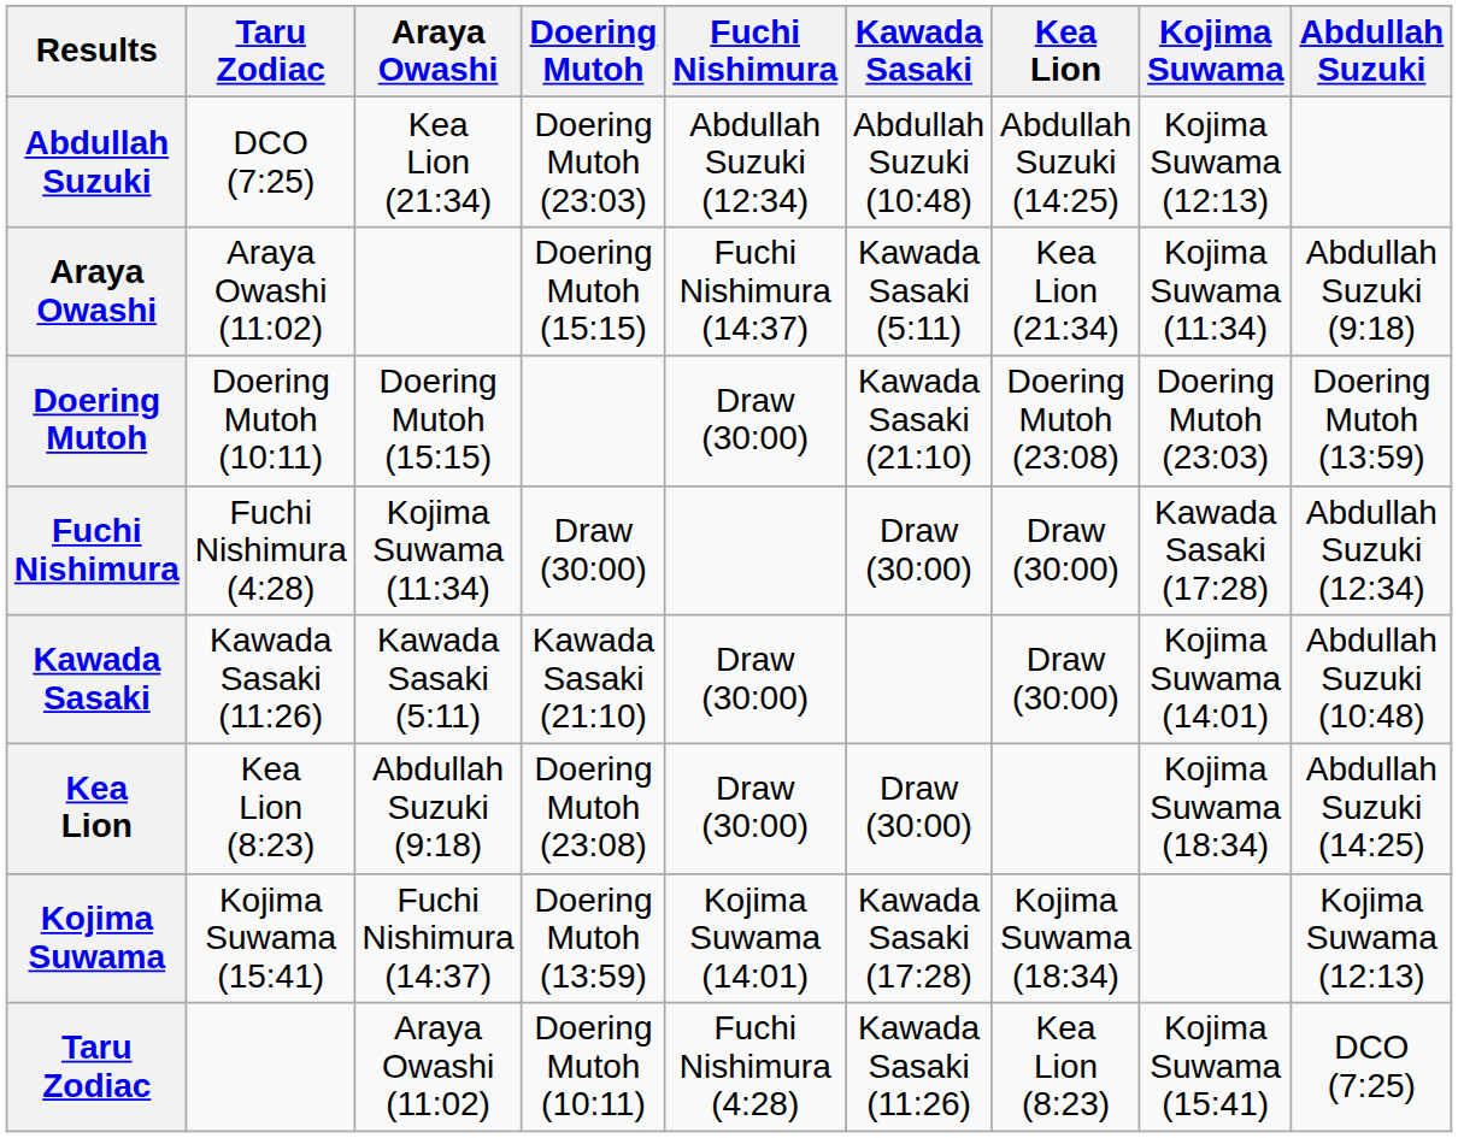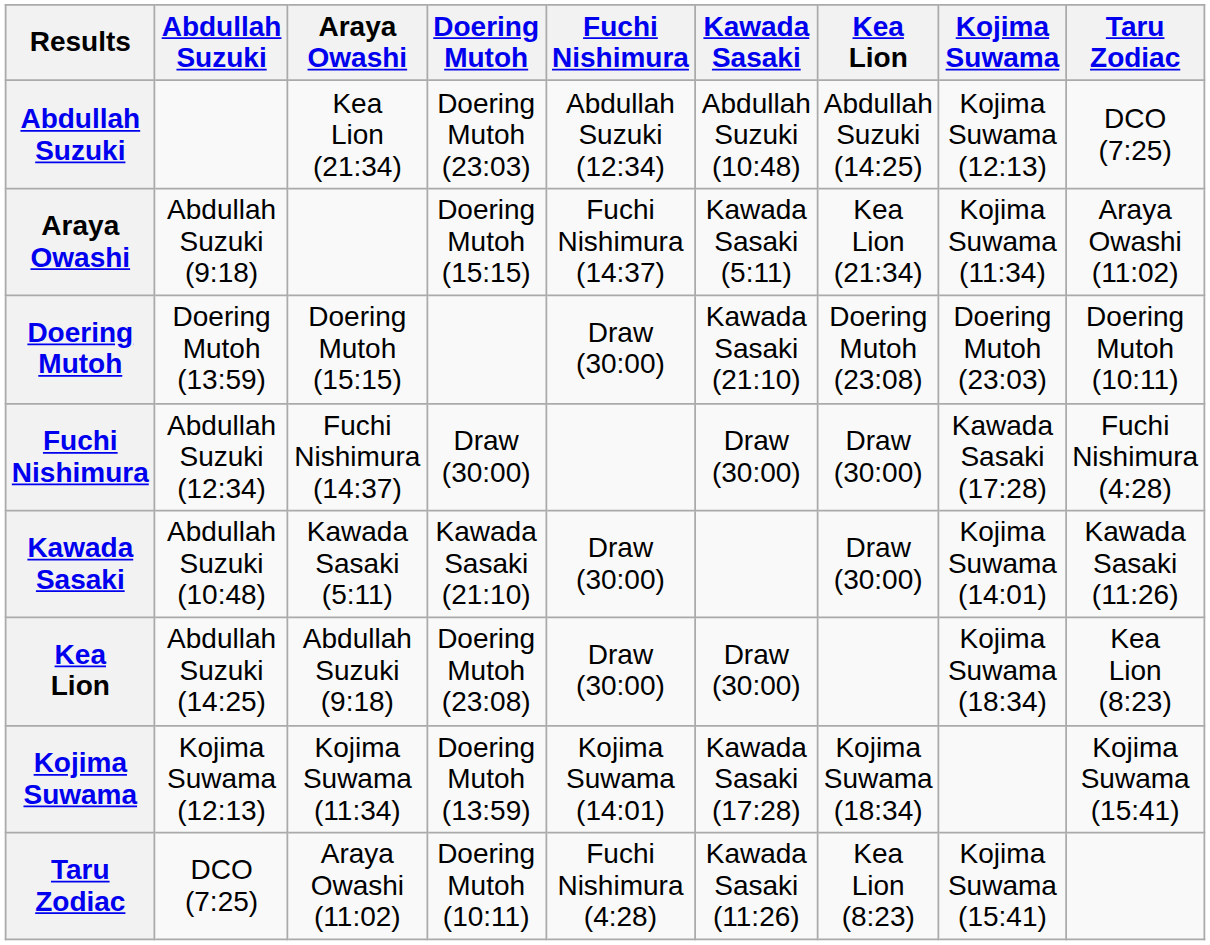 <table class="wikitable" style="text-align:center; margin: 1em auto 1em auto">
 <tr>
 <th>Results</th>
-<th><a href='#'>Taru</a><br><a href='#'>Zodiac</a></th>
+<th><a href='#'>Abdullah</a><br><a href='#'>Suzuki</a></th>
 <th>Araya<br><a href='#'>Owashi</a></th>
 <th><a href='#'>Doering</a><br><a href='#'>Mutoh</a></th>
 <th><a href='#'>Fuchi</a><br><a href='#'>Nishimura</a></th>
 <th><a href='#'>Kawada</a><br><a href='#'>Sasaki</a></th>
 <th><a href='#'>Kea</a><br>Lion</th>
 <th><a href='#'>Kojima</a><br><a href='#'>Suwama</a></th>
-<th><a href='#'>Abdullah</a><br><a href='#'>Suzuki</a></th>
+<th><a href='#'>Taru</a><br><a href='#'>Zodiac</a></th>
 </tr>
 <tr>
 <th><a href='#'>Abdullah</a><br><a href='#'>Suzuki</a></th>
-<td>DCO<br>(7:25)</td>
+<td></td>
 <td>Kea<br>Lion<br>(21:34)</td>
 <td>Doering<br>Mutoh<br>(23:03)</td>
 <td>Abdullah<br>Suzuki<br>(12:34)</td>
 <td>Abdullah<br>Suzuki<br>(10:48)</td>
 <td>Abdullah<br>Suzuki<br>(14:25)</td>
 <td>Kojima<br>Suwama<br>(12:13)</td>
-<td></td>
+<td>DCO<br>(7:25)</td>
 </tr>
 <tr>
 <th>Araya<br><a href='#'>Owashi</a></th>
-<td>Araya<br>Owashi<br>(11:02)</td>
+<td>Abdullah<br>Suzuki<br>(9:18)</td>
 <td></td>
 <td>Doering<br>Mutoh<br>(15:15)</td>
 <td>Fuchi<br>Nishimura<br>(14:37)</td>
 <td>Kawada<br>Sasaki<br>(5:11)</td>
 <td>Kea<br>Lion<br>(21:34)</td>
 <td>Kojima<br>Suwama<br>(11:34)</td>
-<td>Abdullah<br>Suzuki<br>(9:18)</td>
+<td>Araya<br>Owashi<br>(11:02)</td>
 </tr>
 <tr>
 <th><a href='#'>Doering</a><br><a href='#'>Mutoh</a></th>
-<td>Doering<br>Mutoh<br>(10:11)</td>
+<td>Doering<br>Mutoh<br>(13:59)</td>
 <td>Doering<br>Mutoh<br>(15:15)</td>
 <td></td>
 <td>Draw<br>(30:00)</td>
 <td>Kawada<br>Sasaki<br>(21:10)</td>
 <td>Doering<br>Mutoh<br>(23:08)</td>
 <td>Doering<br>Mutoh<br>(23:03)</td>
-<td>Doering<br>Mutoh<br>(13:59)</td>
+<td>Doering<br>Mutoh<br>(10:11)</td>
 </tr>
 <tr>
 <th><a href='#'>Fuchi</a><br><a href='#'>Nishimura</a></th>
-<td>Fuchi<br>Nishimura<br>(4:28)</td>
-<td>Kojima<br>Suwama<br>(11:34)</td>
+<td>Abdullah<br>Suzuki<br>(12:34)</td>
+<td>Fuchi<br>Nishimura<br>(14:37)</td>
 <td>Draw<br>(30:00)</td>
 <td></td>
 <td>Draw<br>(30:00)</td>
 <td>Draw<br>(30:00)</td>
 <td>Kawada<br>Sasaki<br>(17:28)</td>
-<td>Abdullah<br>Suzuki<br>(12:34)</td>
+<td>Fuchi<br>Nishimura<br>(4:28)</td>
 </tr>
 <tr>
 <th><a href='#'>Kawada</a><br><a href='#'>Sasaki</a></th>
-<td>Kawada<br>Sasaki<br>(11:26)</td>
+<td>Abdullah<br>Suzuki<br>(10:48)</td>
 <td>Kawada<br>Sasaki<br>(5:11)</td>
 <td>Kawada<br>Sasaki<br>(21:10)</td>
 <td>Draw<br>(30:00)</td>
 <td></td>
 <td>Draw<br>(30:00)</td>
 <td>Kojima<br>Suwama<br>(14:01)</td>
-<td>Abdullah<br>Suzuki<br>(10:48)</td>
+<td>Kawada<br>Sasaki<br>(11:26)</td>
 </tr>
 <tr>
 <th><a href='#'>Kea</a><br>Lion</th>
-<td>Kea<br>Lion<br>(8:23)</td>
+<td>Abdullah<br>Suzuki<br>(14:25)</td>
 <td>Abdullah<br>Suzuki<br>(9:18)</td>
 <td>Doering<br>Mutoh<br>(23:08)</td>
 <td>Draw<br>(30:00)</td>
 <td>Draw<br>(30:00)</td>
 <td></td>
 <td>Kojima<br>Suwama<br>(18:34)</td>
-<td>Abdullah<br>Suzuki<br>(14:25)</td>
+<td>Kea<br>Lion<br>(8:23)</td>
 </tr>
 <tr>
 <th><a href='#'>Kojima</a><br><a href='#'>Suwama</a></th>
-<td>Kojima<br>Suwama<br>(15:41)</td>
-<td>Fuchi<br>Nishimura<br>(14:37)</td>
+<td>Kojima<br>Suwama<br>(12:13)</td>
+<td>Kojima<br>Suwama<br>(11:34)</td>
 <td>Doering<br>Mutoh<br>(13:59)</td>
 <td>Kojima<br>Suwama<br>(14:01)</td>
 <td>Kawada<br>Sasaki<br>(17:28)</td>
 <td>Kojima<br>Suwama<br>(18:34)</td>
 <td></td>
-<td>Kojima<br>Suwama<br>(12:13)</td>
+<td>Kojima<br>Suwama<br>(15:41)</td>
 </tr>
 <tr>
 <th><a href='#'>Taru</a><br><a href='#'>Zodiac</a></th>
-<td></td>
+<td>DCO<br>(7:25)</td>
 <td>Araya<br>Owashi<br>(11:02)</td>
 <td>Doering<br>Mutoh<br>(10:11)</td>
 <td>Fuchi<br>Nishimura<br>(4:28)</td>
 <td>Kawada<br>Sasaki<br>(11:26)</td>
 <td>Kea<br>Lion<br>(8:23)</td>
 <td>Kojima<br>Suwama<br>(15:41)</td>
-<td>DCO<br>(7:25)</td>
+<td></td>
 </tr>
 </table>
